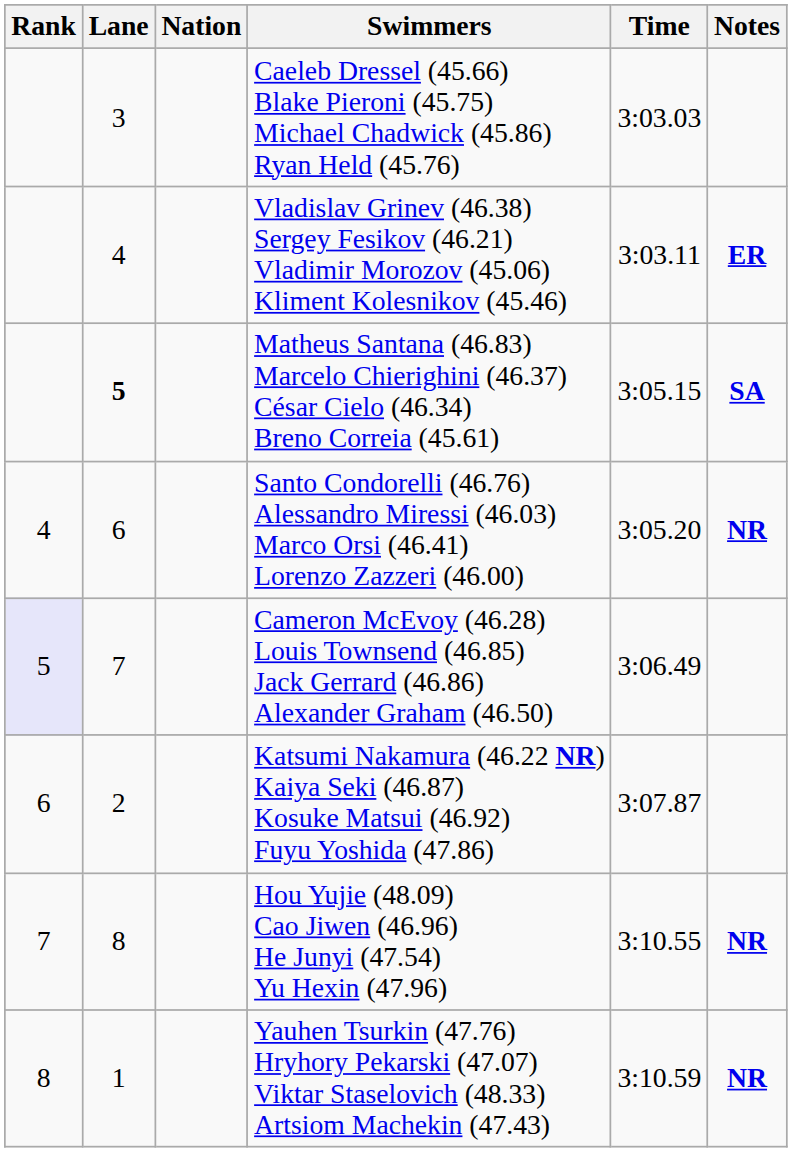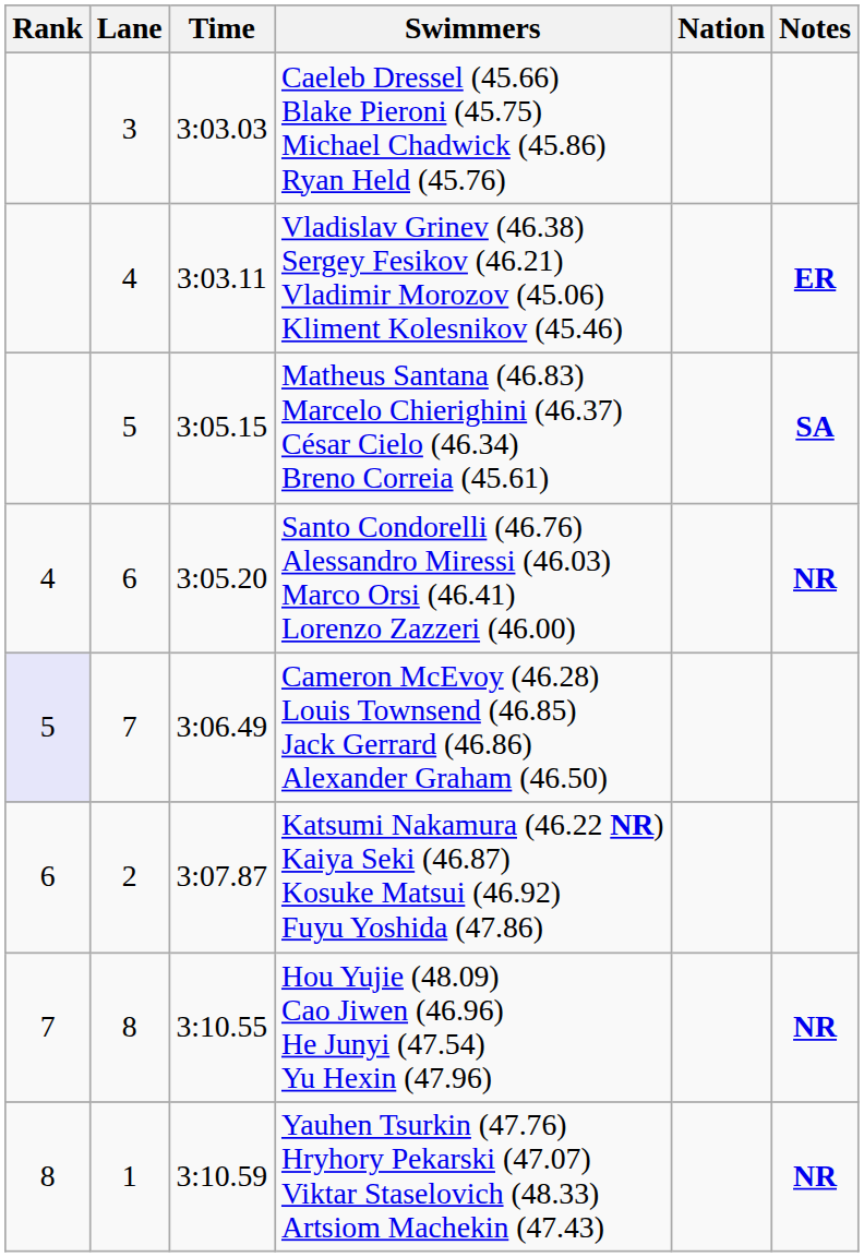 <table class="wikitable sortable" style="text-align:center">
 <tr>
 <th>Rank</th>
 <th>Lane</th>
+<th>Time</th>
+<th>Swimmers</th>
 <th>Nation</th>
-<th>Swimmers</th>
-<th>Time</th>
 <th>Notes</th>
 </tr>
 <tr>
 <td></td>
 <td>3</td>
+<td>3:03.03</td>
+<td align=left><a href='#'>Caeleb Dressel</a> (45.66)<br><a href='#'>Blake Pieroni</a> (45.75)<br><a href='#'>Michael Chadwick</a> (45.86)<br><a href='#'>Ryan Held</a> (45.76)</td>
 <td align=left></td>
-<td align=left><a href='#'>Caeleb Dressel</a> (45.66)<br><a href='#'>Blake Pieroni</a> (45.75)<br><a href='#'>Michael Chadwick</a> (45.86)<br><a href='#'>Ryan Held</a> (45.76)</td>
-<td>3:03.03</td>
 <td></td>
 </tr>
 <tr>
 <td></td>
 <td>4</td>
+<td>3:03.11</td>
+<td align=left><a href='#'>Vladislav Grinev</a> (46.38)<br><a href='#'>Sergey Fesikov</a> (46.21)<br><a href='#'>Vladimir Morozov</a> (45.06)<br><a href='#'>Kliment Kolesnikov</a> (45.46)</td>
 <td align=left></td>
-<td align=left><a href='#'>Vladislav Grinev</a> (46.38)<br><a href='#'>Sergey Fesikov</a> (46.21)<br><a href='#'>Vladimir Morozov</a> (45.06)<br><a href='#'>Kliment Kolesnikov</a> (45.46)</td>
-<td>3:03.11</td>
 <td><strong><a href='#'>ER</a></strong></td>
 </tr>
 <tr>
 <td></td>
-<td><strong>5</strong></td>
+<td>5</td>
+<td>3:05.15</td>
+<td align=left><a href='#'>Matheus Santana</a> (46.83)<br><a href='#'>Marcelo Chierighini</a> (46.37)<br><a href='#'>César Cielo</a> (46.34)<br><a href='#'>Breno Correia</a> (45.61)</td>
 <td align=left></td>
-<td align=left><a href='#'>Matheus Santana</a> (46.83)<br><a href='#'>Marcelo Chierighini</a> (46.37)<br><a href='#'>César Cielo</a> (46.34)<br><a href='#'>Breno Correia</a> (45.61)</td>
-<td>3:05.15</td>
 <td><strong><a href='#'>SA</a></strong></td>
 </tr>
 <tr>
 <td>4</td>
 <td>6</td>
+<td>3:05.20</td>
+<td align=left><a href='#'>Santo Condorelli</a> (46.76)<br><a href='#'>Alessandro Miressi</a> (46.03)<br><a href='#'>Marco Orsi</a> (46.41)<br><a href='#'>Lorenzo Zazzeri</a> (46.00)</td>
 <td align=left></td>
-<td align=left><a href='#'>Santo Condorelli</a> (46.76)<br><a href='#'>Alessandro Miressi</a> (46.03)<br><a href='#'>Marco Orsi</a> (46.41)<br><a href='#'>Lorenzo Zazzeri</a> (46.00)</td>
-<td>3:05.20</td>
 <td><strong><a href='#'>NR</a></strong></td>
 </tr>
 <tr>
 <td style="background: lavender;">5</td>
 <td>7</td>
+<td>3:06.49</td>
+<td align=left><a href='#'>Cameron McEvoy</a> (46.28)<br><a href='#'>Louis Townsend</a> (46.85)<br><a href='#'>Jack Gerrard</a> (46.86)<br><a href='#'>Alexander Graham</a> (46.50)</td>
 <td align=left></td>
-<td align=left><a href='#'>Cameron McEvoy</a> (46.28)<br><a href='#'>Louis Townsend</a> (46.85)<br><a href='#'>Jack Gerrard</a> (46.86)<br><a href='#'>Alexander Graham</a> (46.50)</td>
-<td>3:06.49</td>
 <td></td>
 </tr>
 <tr>
 <td>6</td>
 <td>2</td>
+<td>3:07.87</td>
+<td align=left><a href='#'>Katsumi Nakamura</a> (46.22 <strong><a href='#'>NR</a></strong>)<br><a href='#'>Kaiya Seki</a> (46.87)<br><a href='#'>Kosuke Matsui</a> (46.92)<br><a href='#'>Fuyu Yoshida</a> (47.86)</td>
 <td align=left></td>
-<td align=left><a href='#'>Katsumi Nakamura</a> (46.22 <strong><a href='#'>NR</a></strong>)<br><a href='#'>Kaiya Seki</a> (46.87)<br><a href='#'>Kosuke Matsui</a> (46.92)<br><a href='#'>Fuyu Yoshida</a> (47.86)</td>
-<td>3:07.87</td>
 <td></td>
 </tr>
 <tr>
 <td>7</td>
 <td>8</td>
+<td>3:10.55</td>
+<td align=left><a href='#'>Hou Yujie</a> (48.09)<br><a href='#'>Cao Jiwen</a> (46.96)<br><a href='#'>He Junyi</a> (47.54)<br><a href='#'>Yu Hexin</a> (47.96)</td>
 <td align=left></td>
-<td align=left><a href='#'>Hou Yujie</a> (48.09)<br><a href='#'>Cao Jiwen</a> (46.96)<br><a href='#'>He Junyi</a> (47.54)<br><a href='#'>Yu Hexin</a> (47.96)</td>
-<td>3:10.55</td>
 <td><strong><a href='#'>NR</a></strong></td>
 </tr>
 <tr>
 <td>8</td>
 <td>1</td>
+<td>3:10.59</td>
+<td align=left><a href='#'>Yauhen Tsurkin</a> (47.76)<br><a href='#'>Hryhory Pekarski</a> (47.07)<br><a href='#'>Viktar Staselovich</a> (48.33)<br><a href='#'>Artsiom Machekin</a> (47.43)</td>
 <td align=left></td>
-<td align=left><a href='#'>Yauhen Tsurkin</a> (47.76)<br><a href='#'>Hryhory Pekarski</a> (47.07)<br><a href='#'>Viktar Staselovich</a> (48.33)<br><a href='#'>Artsiom Machekin</a> (47.43)</td>
-<td>3:10.59</td>
 <td><strong><a href='#'>NR</a></strong></td>
 </tr>
 </table>
